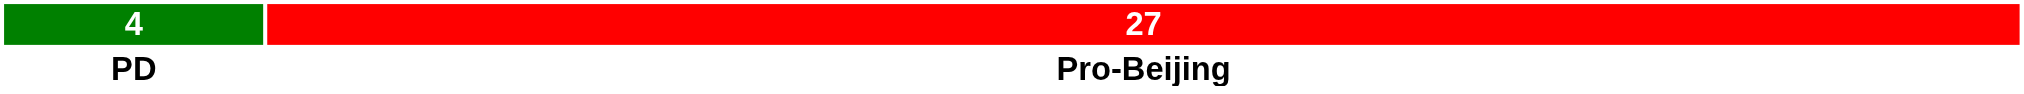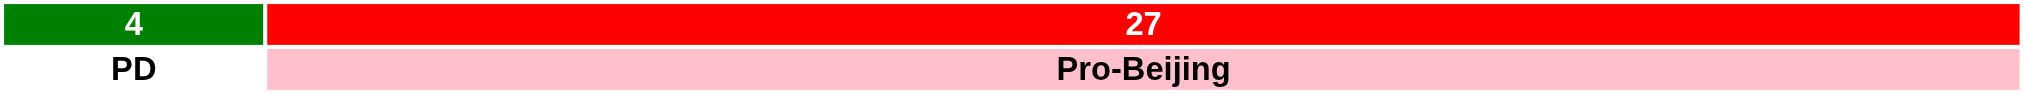 <table style="width:50%; text-align:center;">
 <tr style="color:white;">
 <td style="background:green; width:12.90%;"><strong>4</strong></td>
 <td style="background:red; width:87.10%;"><strong>27</strong></td>
 </tr>
 <tr>
 <td><span><strong>PD</strong></span></td>
-<td><span><strong>Pro-Beijing</strong></span></td>
+<td style="background: pink;"><span><strong>Pro-Beijing</strong></span></td>
 </tr>
 </table>
